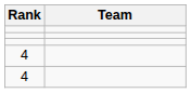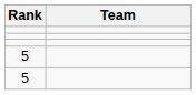 <table class="wikitable" style="text-align: center;">
 <tr>
 <th width=35>Rank</th>
 <th width=160>Team</th>
 </tr>
 <tr>
 <td></td>
 <td align="left"></td>
 </tr>
 <tr>
 <td></td>
 <td align="left"></td>
 </tr>
 <tr>
 <td></td>
 <td align="left"></td>
 </tr>
 <tr>
-<td>4</td>
+<td>5</td>
 <td align="left"></td>
 </tr>
 <tr>
-<td>4</td>
+<td>5</td>
 <td align="left"></td>
 </tr>
 </table>
